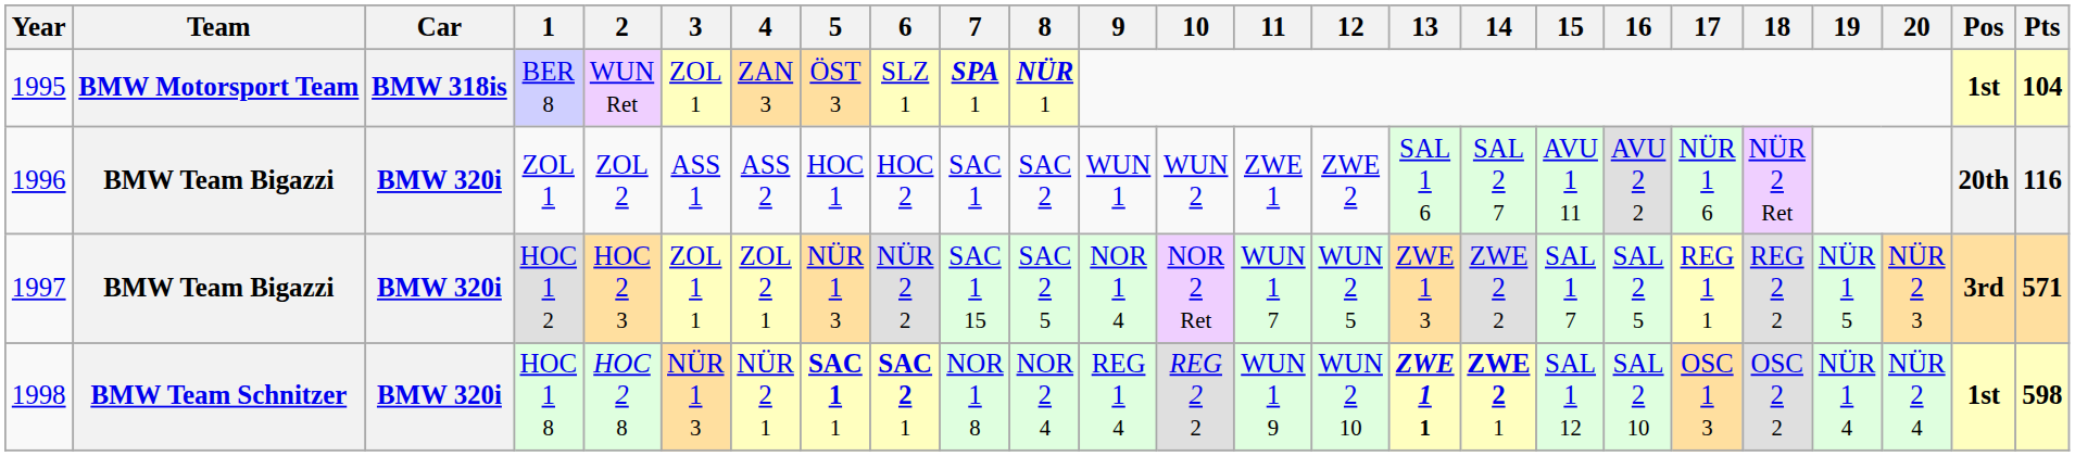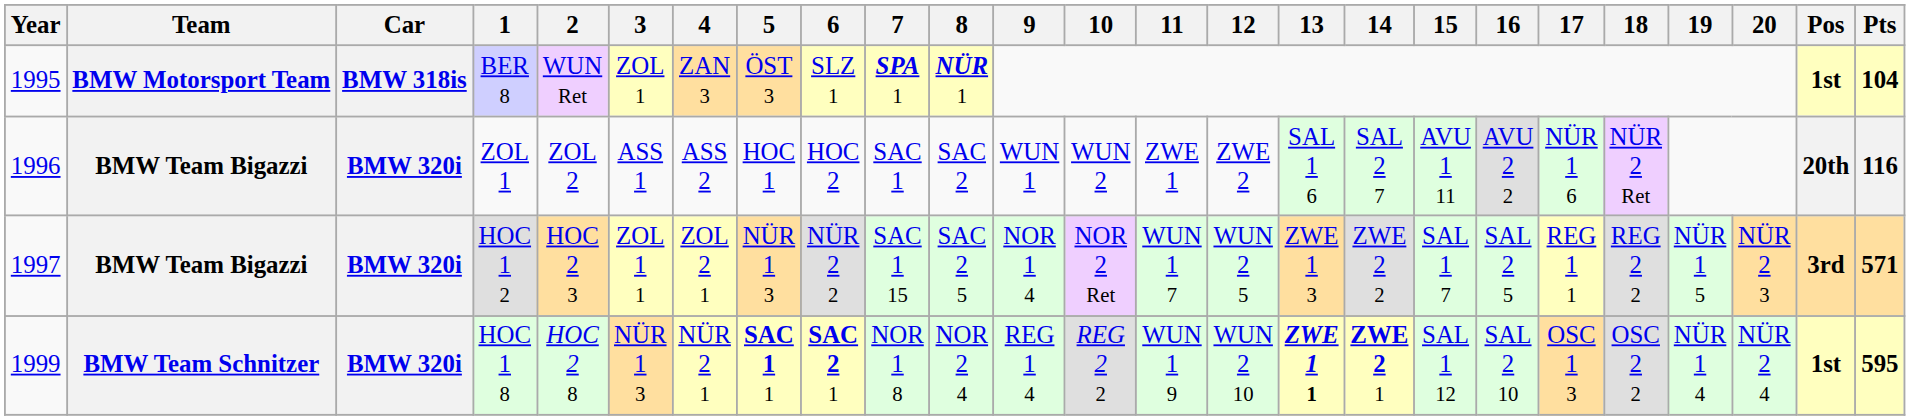 <table class="wikitable" style="text-align:center; font-size:85%">
 <tr>
 <th style="vertical-align:middle">Year</th>
 <th style="vertical-align:middle">Team</th>
 <th style="vertical-align:middle">Car</th>
 <th>1</th>
 <th>2</th>
 <th>3</th>
 <th>4</th>
 <th>5</th>
 <th>6</th>
 <th>7</th>
 <th>8</th>
 <th>9</th>
 <th>10</th>
 <th>11</th>
 <th>12</th>
 <th>13</th>
 <th>14</th>
 <th>15</th>
 <th>16</th>
 <th>17</th>
 <th>18</th>
 <th>19</th>
 <th>20</th>
 <th>Pos</th>
 <th>Pts</th>
 </tr>
 <tr>
 <td><a href='#'>1995</a></td>
 <th nowrap><a href='#'>BMW Motorsport Team</a></th>
 <th nowrap><a href='#'>BMW 318is</a></th>
 <td style="background:#CFCFFF;"><a href='#'>BER</a><br><small>8</small></td>
 <td style="background:#EFCFFF;"><a href='#'>WUN</a><br><small>Ret</small></td>
 <td style="background:#FFFFBF;"><a href='#'>ZOL</a><br><small>1</small></td>
 <td style="background:#FFDF9F;"><a href='#'>ZAN</a><br><small>3</small></td>
 <td style="background:#FFDF9F;"><a href='#'>ÖST</a><br><small>3</small></td>
 <td style="background:#FFFFBF;"><a href='#'>SLZ</a><br><small>1</small></td>
 <td style="background:#FFFFBF;"><strong><em><a href='#'>SPA</a></em></strong><br><small>1</small></td>
 <td style="background:#FFFFBF;"><strong><em><a href='#'>NÜR</a></em></strong><br><small>1</small></td>
 <td colspan=12></td>
 <td style="background:#FFFFBF;"><strong>1st</strong></td>
 <td style="background:#FFFFBF;"><strong>104</strong></td>
 </tr>
 <tr>
 <td><a href='#'>1996</a></td>
 <th nowrap>BMW Team Bigazzi</th>
 <th nowrap><a href='#'>BMW 320i</a></th>
 <td><a href='#'>ZOL<br>1</a><br></td>
 <td><a href='#'>ZOL<br>2</a><br></td>
 <td><a href='#'>ASS<br>1</a><br></td>
 <td><a href='#'>ASS<br>2</a><br></td>
 <td><a href='#'>HOC<br>1</a><br></td>
 <td><a href='#'>HOC<br>2</a><br></td>
 <td><a href='#'>SAC<br>1</a><br></td>
 <td><a href='#'>SAC<br>2</a><br></td>
 <td><a href='#'>WUN<br>1</a><br></td>
 <td><a href='#'>WUN<br>2</a><br></td>
 <td><a href='#'>ZWE<br>1</a><br></td>
 <td><a href='#'>ZWE<br>2</a><br></td>
 <td style="background:#DFFFDF;"><a href='#'>SAL<br>1</a><br><small>6</small></td>
 <td style="background:#DFFFDF;"><a href='#'>SAL<br>2</a><br><small>7</small></td>
 <td style="background:#DFFFDF;"><a href='#'>AVU<br>1</a><br><small>11</small></td>
 <td style="background:#DFDFDF;"><a href='#'>AVU<br>2</a><br><small>2</small></td>
 <td style="background:#DFFFDF;"><a href='#'>NÜR<br>1</a><br><small>6</small></td>
 <td style="background:#EFCFFF;"><a href='#'>NÜR<br>2</a><br><small>Ret</small></td>
 <td colspan=2></td>
 <th>20th</th>
 <th>116</th>
 </tr>
 <tr>
 <td><a href='#'>1997</a></td>
 <th nowrap>BMW Team Bigazzi</th>
 <th nowrap><a href='#'>BMW 320i</a></th>
 <td style="background:#DFDFDF;"><a href='#'>HOC<br>1</a><br><small>2</small></td>
 <td style="background:#FFDF9F;"><a href='#'>HOC<br>2</a><br><small>3</small></td>
 <td style="background:#FFFFBF;"><a href='#'>ZOL<br>1</a><br><small>1</small></td>
 <td style="background:#FFFFBF;"><a href='#'>ZOL<br>2</a><br><small>1</small></td>
 <td style="background:#FFDF9F;"><a href='#'>NÜR<br>1</a><br><small>3</small></td>
 <td style="background:#DFDFDF;"><a href='#'>NÜR<br>2</a><br><small>2</small></td>
 <td style="background:#DFFFDF;"><a href='#'>SAC<br>1</a><br><small>15</small></td>
 <td style="background:#DFFFDF;"><a href='#'>SAC<br>2</a><br><small>5</small></td>
 <td style="background:#DFFFDF;"><a href='#'>NOR<br>1</a><br><small>4</small></td>
 <td style="background:#EFCFFF;"><a href='#'>NOR<br>2</a><br><small>Ret</small></td>
 <td style="background:#DFFFDF;"><a href='#'>WUN<br>1</a><br><small>7</small></td>
 <td style="background:#DFFFDF;"><a href='#'>WUN<br>2</a><br><small>5</small></td>
 <td style="background:#FFDF9F;"><a href='#'>ZWE<br>1</a><br><small>3</small></td>
 <td style="background:#DFDFDF;"><a href='#'>ZWE<br>2</a><br><small>2</small></td>
 <td style="background:#DFFFDF;"><a href='#'>SAL<br>1</a><br><small>7</small></td>
 <td style="background:#DFFFDF;"><a href='#'>SAL<br>2</a><br><small>5</small></td>
 <td style="background:#FFFFBF;"><a href='#'>REG<br>1</a><br><small>1</small></td>
 <td style="background:#DFDFDF;"><a href='#'>REG<br>2</a><br><small>2</small></td>
 <td style="background:#DFFFDF;"><a href='#'>NÜR<br>1</a><br><small>5</small></td>
 <td style="background:#FFDF9F;"><a href='#'>NÜR<br>2</a><br><small>3</small></td>
 <td style="background:#FFDF9F;"><strong>3rd</strong></td>
 <td style="background:#FFDF9F;"><strong>571</strong></td>
 </tr>
 <tr>
-<td><a href='#'>1998</a></td>
+<td><a href='#'>1999</a></td>
 <th nowrap><a href='#'>BMW Team Schnitzer</a></th>
 <th nowrap><a href='#'>BMW 320i</a></th>
 <td style="background:#DFFFDF;"><a href='#'>HOC<br>1</a><br><small>8</small></td>
 <td style="background:#DFFFDF;"><em><a href='#'>HOC<br>2</a></em><br><small>8</small></td>
 <td style="background:#FFDF9F;"><a href='#'>NÜR<br>1</a><br><small>3</small></td>
 <td style="background:#FFFFBF;"><a href='#'>NÜR<br>2</a><br><small>1</small></td>
 <td style="background:#FFFFBF;"><strong><a href='#'>SAC<br>1</a></strong><br><small>1</small></td>
 <td style="background:#FFFFBF;"><strong><a href='#'>SAC<br>2</a></strong><br><small>1</small></td>
 <td style="background:#DFFFDF;"><a href='#'>NOR<br>1</a><br><small>8</small></td>
 <td style="background:#DFFFDF;"><a href='#'>NOR<br>2</a><br><small>4</small></td>
 <td style="background:#DFFFDF;"><a href='#'>REG<br>1</a><br><small>4</small></td>
 <td style="background:#DFDFDF;"><em><a href='#'>REG<br>2</a></em><br><small>2</small></td>
 <td style="background:#DFFFDF;"><a href='#'>WUN<br>1</a><br><small>9</small></td>
 <td style="background:#DFFFDF;"><a href='#'>WUN<br>2</a><br><small>10</small></td>
 <td style="background:#FFFFBF;"><strong><em><a href='#'>ZWE<br>1</a></em><br><small>1</small></strong></td>
 <td style="background:#FFFFBF;"><strong><a href='#'>ZWE<br>2</a></strong><br><small>1</small></td>
 <td style="background:#DFFFDF;"><a href='#'>SAL<br>1</a><br><small>12</small></td>
 <td style="background:#DFFFDF;"><a href='#'>SAL<br>2</a><br><small>10</small></td>
 <td style="background:#FFDF9F;"><a href='#'>OSC<br>1</a><br><small>3</small></td>
 <td style="background:#DFDFDF;"><a href='#'>OSC<br>2</a><br><small>2</small></td>
 <td style="background:#DFFFDF;"><a href='#'>NÜR<br>1</a><br><small>4</small></td>
 <td style="background:#DFFFDF;"><a href='#'>NÜR<br>2</a><br><small>4</small></td>
 <td style="background:#FFFFBF;"><strong>1st</strong></td>
-<td style="background:#FFFFBF;"><strong>598</strong></td>
+<td style="background:#FFFFBF;"><strong>595</strong></td>
 </tr>
 </table>
